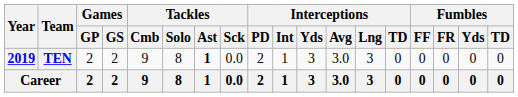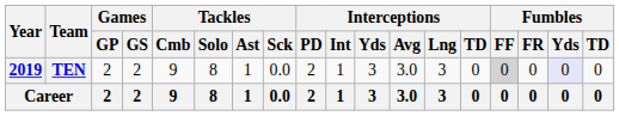 <table class="wikitable" style="text-align:center;">
 <tr>
 <th rowspan="2">Year</th>
 <th rowspan="2">Team</th>
 <th colspan="2">Games</th>
 <th colspan="4">Tackles</th>
 <th colspan="6">Interceptions</th>
 <th colspan="4">Fumbles</th>
 </tr>
 <tr>
 <th>GP</th>
 <th>GS</th>
 <th>Cmb</th>
 <th>Solo</th>
 <th>Ast</th>
 <th>Sck</th>
 <th>PD</th>
 <th>Int</th>
 <th>Yds</th>
 <th>Avg</th>
 <th>Lng</th>
 <th>TD</th>
 <th>FF</th>
 <th>FR</th>
 <th>Yds</th>
 <th>TD</th>
 </tr>
 <tr>
 <th><a href='#'>2019</a></th>
 <th><a href='#'>TEN</a></th>
 <td>2</td>
 <td>2</td>
 <td>9</td>
 <td>8</td>
-<td><strong>1</strong></td>
+<td>1</td>
 <td>0.0</td>
 <td>2</td>
 <td>1</td>
 <td>3</td>
 <td>3.0</td>
 <td>3</td>
 <td>0</td>
+<td style="background: lightgrey;">0</td>
 <td>0</td>
-<td>0</td>
-<td>0</td>
+<td style="background: lavender;">0</td>
 <td>0</td>
 </tr>
 <tr>
 <th colspan="2">Career</th>
 <th>2</th>
 <th>2</th>
 <th>9</th>
 <th>8</th>
 <th>1</th>
 <th>0.0</th>
 <th>2</th>
 <th>1</th>
 <th>3</th>
 <th>3.0</th>
 <th>3</th>
 <th>0</th>
 <th>0</th>
 <th>0</th>
 <th>0</th>
 <th>0</th>
 </tr>
 </table>
